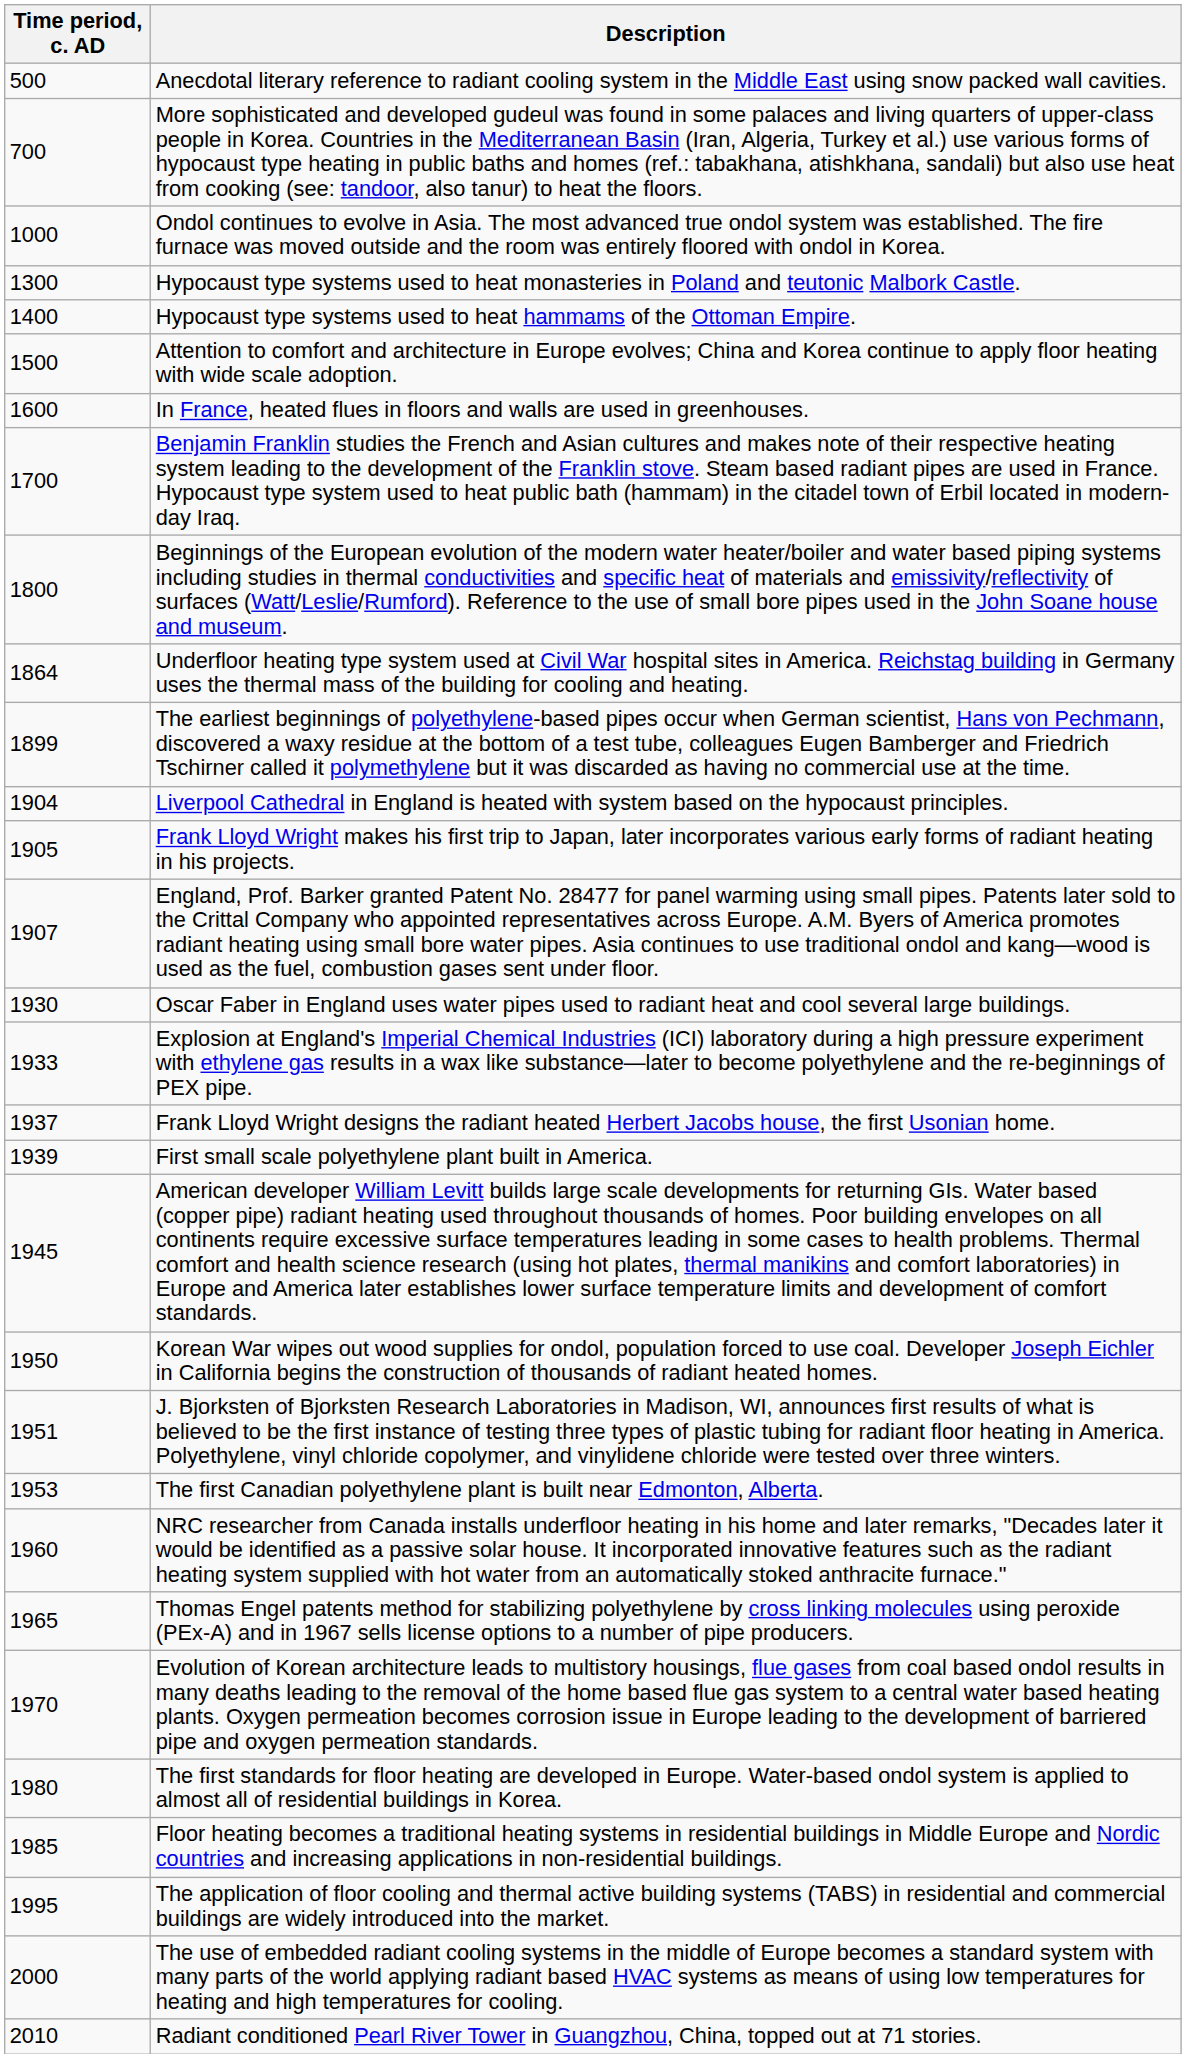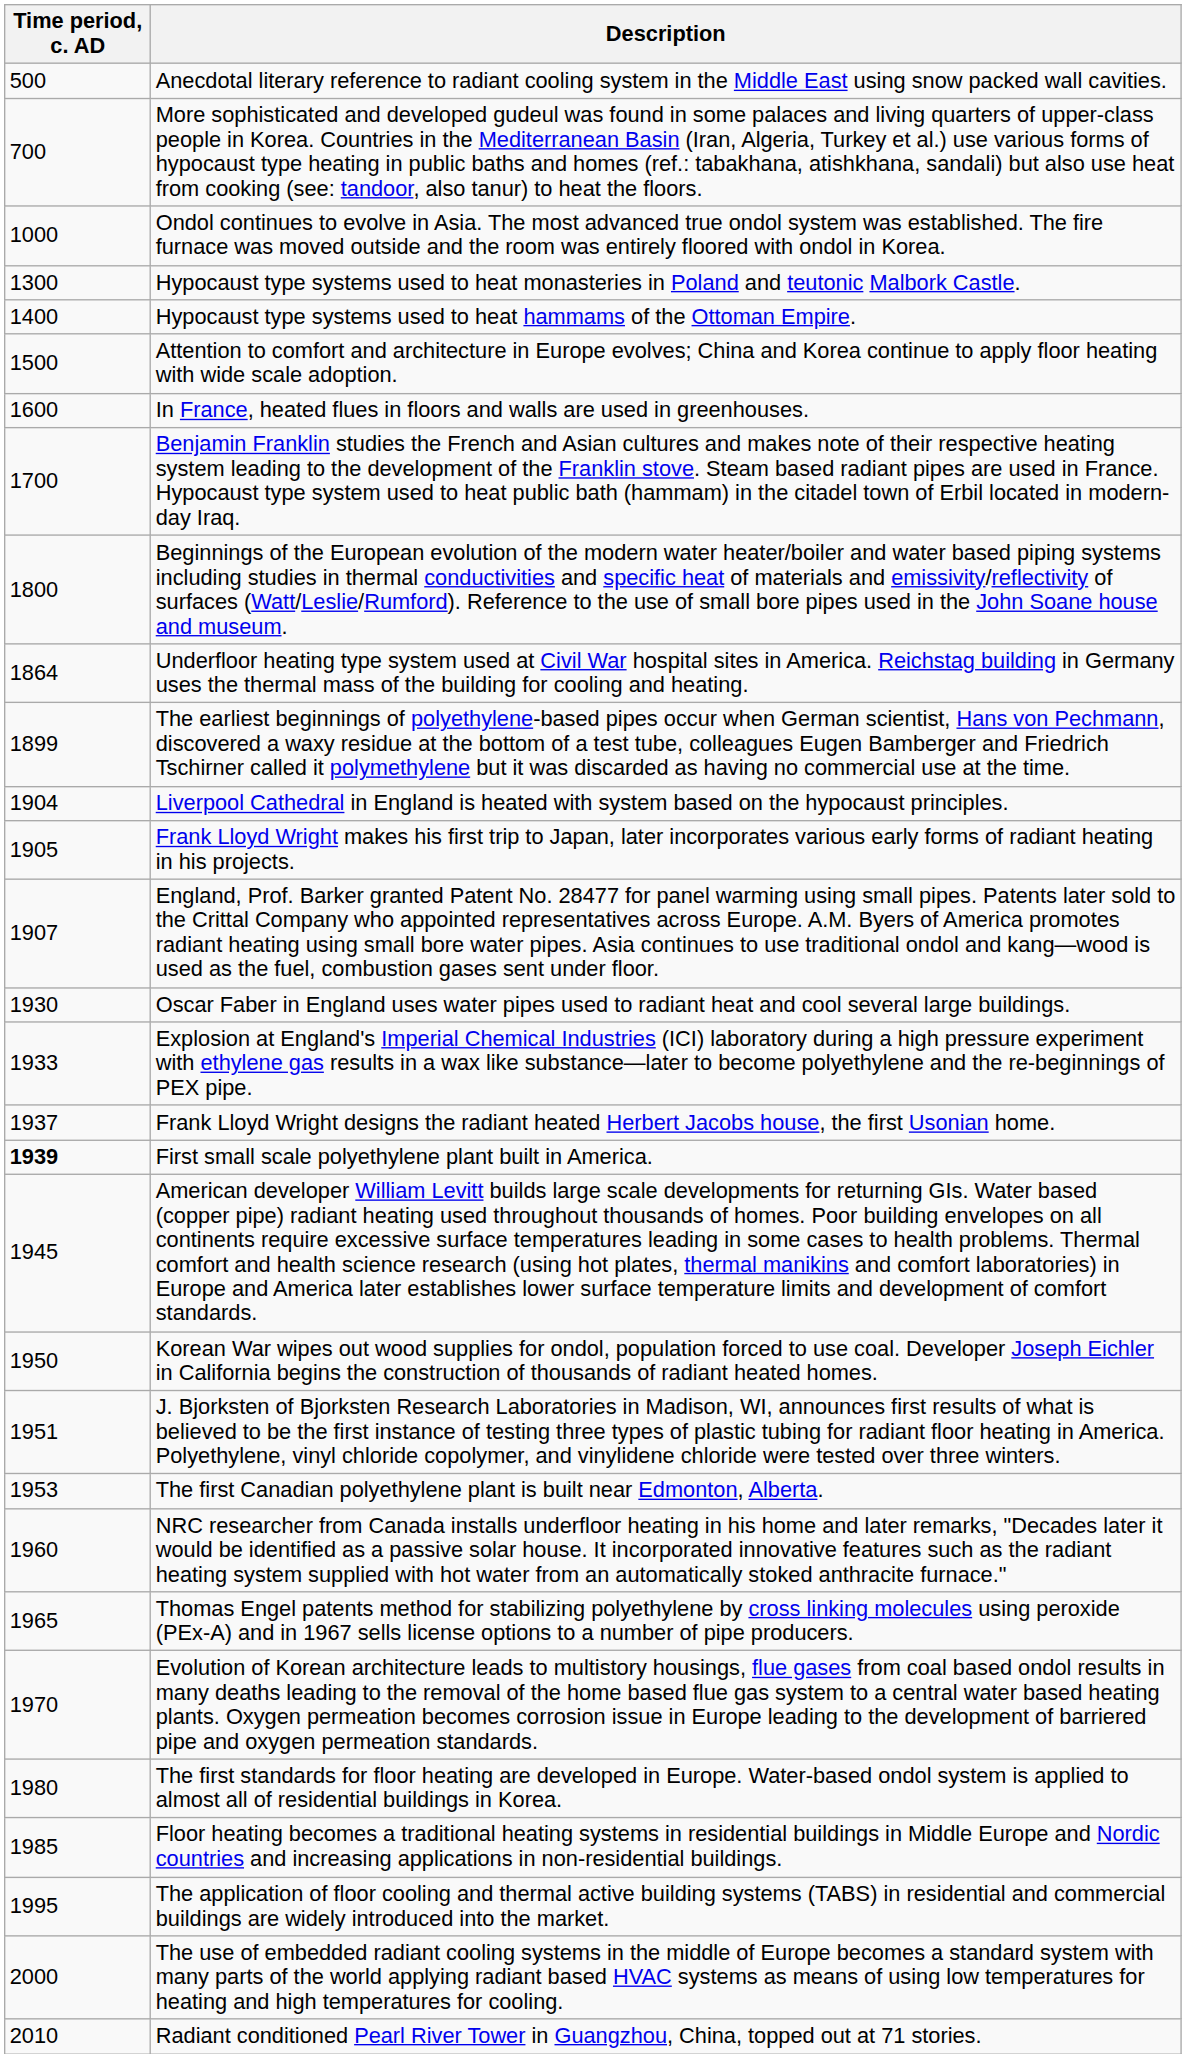 <table class="wikitable">
 <tr>
 <th style="width:100px;">Time period, c. AD</th>
 <th style="width:750px;">Description</th>
 </tr>
 <tr>
 <td>500</td>
 <td>Anecdotal literary reference to radiant cooling system in the <a href='#'>Middle East</a> using snow packed wall cavities.</td>
 </tr>
 <tr>
 <td>700</td>
 <td>More sophisticated and developed gudeul was found in some palaces and living quarters of upper-class people in Korea. Countries in the <a href='#'>Mediterranean Basin</a> (Iran, Algeria, Turkey et al.) use various forms of hypocaust type heating in public baths and homes (ref.: tabakhana, atishkhana, sandali) but also use heat from cooking (see: <a href='#'>tandoor</a>, also tanur) to heat the floors.</td>
 </tr>
 <tr>
 <td>1000</td>
 <td>Ondol continues to evolve in Asia. The most advanced true ondol system was established. The fire furnace was moved outside and the room was entirely floored with ondol in Korea.</td>
 </tr>
 <tr>
 <td>1300</td>
 <td>Hypocaust type systems used to heat monasteries in <a href='#'>Poland</a> and <a href='#'>teutonic</a> <a href='#'>Malbork Castle</a>.</td>
 </tr>
 <tr>
 <td>1400</td>
 <td>Hypocaust type systems used to heat <a href='#'>hammams</a> of the <a href='#'>Ottoman Empire</a>.</td>
 </tr>
 <tr>
 <td>1500</td>
 <td>Attention to comfort and architecture in Europe evolves; China and Korea continue to apply floor heating with wide scale adoption.</td>
 </tr>
 <tr>
 <td>1600</td>
 <td>In <a href='#'>France</a>, heated flues in floors and walls are used in greenhouses.</td>
 </tr>
 <tr>
 <td>1700</td>
 <td><a href='#'>Benjamin Franklin</a> studies the French and Asian cultures and makes note of their respective heating system leading to the development of the <a href='#'>Franklin stove</a>. Steam based radiant pipes are used in France. Hypocaust type system used to heat public bath (hammam) in the citadel town of Erbil located in modern-day Iraq.</td>
 </tr>
 <tr>
 <td>1800</td>
 <td>Beginnings of the European evolution of the modern water heater/boiler and water based piping systems including studies in thermal <a href='#'>conductivities</a> and <a href='#'>specific heat</a> of materials and <a href='#'>emissivity</a>/<a href='#'>reflectivity</a> of surfaces (<a href='#'>Watt</a>/<a href='#'>Leslie</a>/<a href='#'>Rumford</a>). Reference to the use of small bore pipes used in the <a href='#'>John Soane house and museum</a>.</td>
 </tr>
 <tr>
 <td>1864</td>
 <td>Underfloor heating type system used at <a href='#'>Civil War</a> hospital sites in America. <a href='#'>Reichstag building</a> in Germany uses the thermal mass of the building for cooling and heating.</td>
 </tr>
 <tr>
 <td>1899</td>
 <td>The earliest beginnings of <a href='#'>polyethylene</a>-based pipes occur when German scientist, <a href='#'>Hans von Pechmann</a>, discovered a waxy residue at the bottom of a test tube, colleagues Eugen Bamberger and Friedrich Tschirner called it <a href='#'>polymethylene</a> but it was discarded as having no commercial use at the time.</td>
 </tr>
 <tr>
 <td>1904</td>
 <td><a href='#'>Liverpool Cathedral</a> in England is heated with system based on the hypocaust principles.</td>
 </tr>
 <tr>
 <td>1905</td>
 <td><a href='#'>Frank Lloyd Wright</a> makes his first trip to Japan, later incorporates various early forms of radiant heating in his projects.</td>
 </tr>
 <tr>
 <td>1907</td>
 <td>England, Prof. Barker granted Patent No. 28477 for panel warming using small pipes. Patents later sold to the Crittal Company who appointed representatives across Europe. A.M. Byers of America promotes radiant heating using small bore water pipes. Asia continues to use traditional ondol and kang—wood is used as the fuel, combustion gases sent under floor.</td>
 </tr>
 <tr>
 <td>1930</td>
 <td>Oscar Faber in England uses water pipes used to radiant heat and cool several large buildings.</td>
 </tr>
 <tr>
 <td>1933</td>
 <td>Explosion at England's <a href='#'>Imperial Chemical Industries</a> (ICI) laboratory during a high pressure experiment with <a href='#'>ethylene gas</a> results in a wax like substance—later to become polyethylene and the re-beginnings of PEX pipe.</td>
 </tr>
 <tr>
 <td>1937</td>
 <td>Frank Lloyd Wright designs the radiant heated <a href='#'>Herbert Jacobs house</a>, the first <a href='#'>Usonian</a> home.</td>
 </tr>
 <tr>
-<td>1939</td>
+<td><strong>1939</strong></td>
 <td>First small scale polyethylene plant built in America.</td>
 </tr>
 <tr>
 <td>1945</td>
 <td>American developer <a href='#'>William Levitt</a> builds large scale developments for returning GIs. Water based (copper pipe) radiant heating used throughout thousands of homes. Poor building envelopes on all continents require excessive surface temperatures leading in some cases to health problems. Thermal comfort and health science research (using hot plates, <a href='#'>thermal manikins</a> and comfort laboratories) in Europe and America later establishes lower surface temperature limits and development of comfort standards.</td>
 </tr>
 <tr>
 <td>1950</td>
 <td>Korean War wipes out wood supplies for ondol, population forced to use coal. Developer <a href='#'>Joseph Eichler</a> in California begins the construction of thousands of radiant heated homes.</td>
 </tr>
 <tr>
 <td>1951</td>
 <td>J. Bjorksten of Bjorksten Research Laboratories in Madison, WI, announces first results of what is believed to be the first instance of testing three types of plastic tubing for radiant floor heating in America. Polyethylene, vinyl chloride copolymer, and vinylidene chloride were tested over three winters.</td>
 </tr>
 <tr>
 <td>1953</td>
 <td>The first Canadian polyethylene plant is built near <a href='#'>Edmonton</a>, <a href='#'>Alberta</a>.</td>
 </tr>
 <tr>
 <td>1960</td>
 <td>NRC researcher from Canada installs underfloor heating in his home and later remarks, "Decades later it would be identified as a passive solar house. It incorporated innovative features such as the radiant heating system supplied with hot water from an automatically stoked anthracite furnace."</td>
 </tr>
 <tr>
 <td>1965</td>
 <td>Thomas Engel patents method for stabilizing polyethylene by <a href='#'>cross linking molecules</a> using peroxide (PEx-A) and in 1967 sells license options to a number of pipe producers.</td>
 </tr>
 <tr>
 <td>1970</td>
 <td>Evolution of Korean architecture leads to multistory housings, <a href='#'>flue gases</a> from coal based ondol results in many deaths leading to the removal of the home based flue gas system to a central water based heating plants. Oxygen permeation becomes corrosion issue in Europe leading to the development of barriered pipe and oxygen permeation standards.</td>
 </tr>
 <tr>
 <td>1980</td>
 <td>The first standards for floor heating are developed in Europe. Water-based ondol system is applied to almost all of residential buildings in Korea.</td>
 </tr>
 <tr>
 <td>1985</td>
 <td>Floor heating becomes a traditional heating systems in residential buildings in Middle Europe and <a href='#'>Nordic countries</a> and increasing applications in non-residential buildings.</td>
 </tr>
 <tr>
 <td>1995</td>
 <td>The application of floor cooling and thermal active building systems (TABS) in residential and commercial buildings are widely introduced into the market.</td>
 </tr>
 <tr>
 <td>2000</td>
 <td>The use of embedded radiant cooling systems in the middle of Europe becomes a standard system with many parts of the world applying radiant based <a href='#'>HVAC</a> systems as means of using low temperatures for heating and high temperatures for cooling.</td>
 </tr>
 <tr>
 <td>2010</td>
 <td>Radiant conditioned <a href='#'>Pearl River Tower</a> in <a href='#'>Guangzhou</a>, China, topped out at 71 stories.</td>
 </tr>
 </table>
